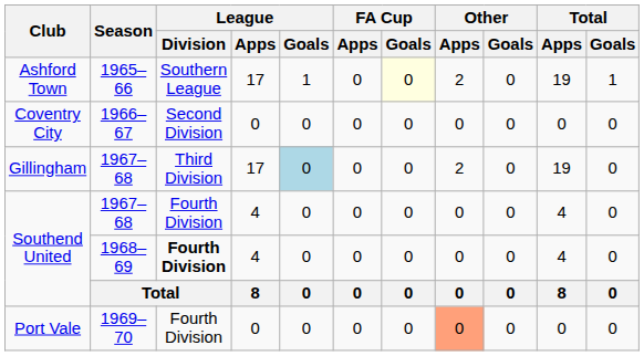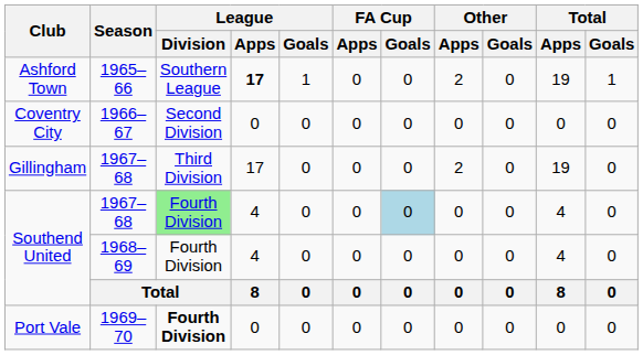 <table class="wikitable" style="text-align: center;">
 <tr>
 <th rowspan="2">Club</th>
 <th rowspan="2">Season</th>
 <th colspan="3">League</th>
 <th colspan="2">FA Cup</th>
 <th colspan="2">Other</th>
 <th colspan="2">Total</th>
 </tr>
 <tr>
 <th>Division</th>
 <th>Apps</th>
 <th>Goals</th>
 <th>Apps</th>
 <th>Goals</th>
 <th>Apps</th>
 <th>Goals</th>
 <th>Apps</th>
 <th>Goals</th>
 </tr>
 <tr>
 <td><a href='#'>Ashford Town</a></td>
 <td><a href='#'>1965–66</a></td>
 <td><a href='#'>Southern League</a></td>
-<td>17</td>
+<td><strong>17</strong></td>
 <td>1</td>
 <td>0</td>
-<td style="background: lightyellow;">0</td>
+<td>0</td>
 <td>2</td>
 <td>0</td>
 <td>19</td>
 <td>1</td>
 </tr>
 <tr>
 <td><a href='#'>Coventry City</a></td>
 <td><a href='#'>1966–67</a></td>
 <td><a href='#'>Second Division</a></td>
 <td>0</td>
 <td>0</td>
 <td>0</td>
 <td>0</td>
 <td>0</td>
 <td>0</td>
 <td>0</td>
 <td>0</td>
 </tr>
 <tr>
 <td><a href='#'>Gillingham</a></td>
 <td><a href='#'>1967–68</a></td>
 <td><a href='#'>Third Division</a></td>
 <td>17</td>
-<td style="background: lightblue;">0</td>
+<td>0</td>
 <td>0</td>
 <td>0</td>
 <td>2</td>
 <td>0</td>
 <td>19</td>
 <td>0</td>
 </tr>
 <tr>
 <td rowspan="3"><a href='#'>Southend United</a></td>
 <td><a href='#'>1967–68</a></td>
-<td><a href='#'>Fourth Division</a></td>
+<td style="background: lightgreen;"><a href='#'>Fourth Division</a></td>
 <td>4</td>
 <td>0</td>
 <td>0</td>
-<td>0</td>
+<td style="background: lightblue;">0</td>
 <td>0</td>
 <td>0</td>
 <td>4</td>
 <td>0</td>
 </tr>
 <tr>
 <td><a href='#'>1968–69</a></td>
-<td><strong>Fourth Division</strong></td>
+<td>Fourth Division</td>
 <td>4</td>
 <td>0</td>
 <td>0</td>
 <td>0</td>
 <td>0</td>
 <td>0</td>
 <td>4</td>
 <td>0</td>
 </tr>
 <tr>
 <th colspan="2">Total</th>
 <th>8</th>
 <th>0</th>
 <th>0</th>
 <th>0</th>
 <th>0</th>
 <th>0</th>
 <th>8</th>
 <th>0</th>
 </tr>
 <tr>
 <td><a href='#'>Port Vale</a></td>
 <td><a href='#'>1969–70</a></td>
-<td>Fourth Division</td>
+<td><strong>Fourth Division</strong></td>
 <td>0</td>
 <td>0</td>
 <td>0</td>
 <td>0</td>
-<td style="background: lightsalmon;">0</td>
+<td>0</td>
 <td>0</td>
 <td>0</td>
 <td>0</td>
 </tr>
 </table>
